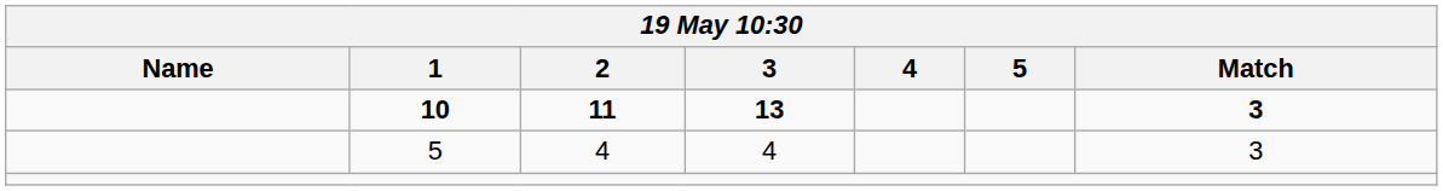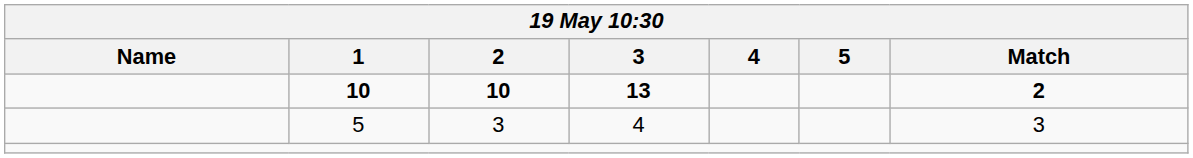 <table class=wikitable style="text-align:center; width: 55%">
 <tr>
 <th colspan=17><em>19 May 10:30</em></th>
 </tr>
 <tr>
 <th>Name</th>
 <th>1</th>
 <th>2</th>
 <th>3</th>
 <th>4</th>
 <th>5</th>
 <th>Match</th>
 </tr>
 <tr>
 <td style="text-align:left;"><strong></strong></td>
 <td><strong>10</strong></td>
-<td><strong>11</strong></td>
+<td><strong>10</strong></td>
 <td><strong>13</strong></td>
 <td></td>
 <td></td>
-<td><strong>3</strong></td>
+<td><strong>2</strong></td>
 </tr>
 <tr>
 <td style="text-align:left;"></td>
 <td>5</td>
-<td>4</td>
+<td>3</td>
 <td>4</td>
 <td></td>
 <td></td>
 <td>3</td>
 </tr>
 <tr>
 <td colspan=17></td>
 </tr>
 </table>
